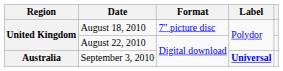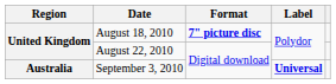 <table class="wikitable plainrowheaders">
 <tr>
 <th scope="col">Region</th>
 <th scope="col">Date</th>
 <th scope="col">Format</th>
 <th scope="col">Label</th>
 <th scope="col"></th>
 </tr>
 <tr>
 <th scope="row" rowspan="2">United Kingdom</th>
 <td>August 18, 2010</td>
-<td><a href='#'>7" picture disc</a></td>
+<td><strong><a href='#'>7" picture disc</a></strong></td>
 <td rowspan="2"><a href='#'>Polydor</a></td>
 <td align="center"></td>
 </tr>
 <tr>
 <td>August 22, 2010</td>
 <td rowspan="2"><a href='#'>Digital download</a></td>
 <td align="center"></td>
 </tr>
 <tr>
 <th scope="row">Australia</th>
 <td>September 3, 2010</td>
 <td><strong><a href='#'>Universal</a></strong></td>
 <td align="center"></td>
 </tr>
 </table>
